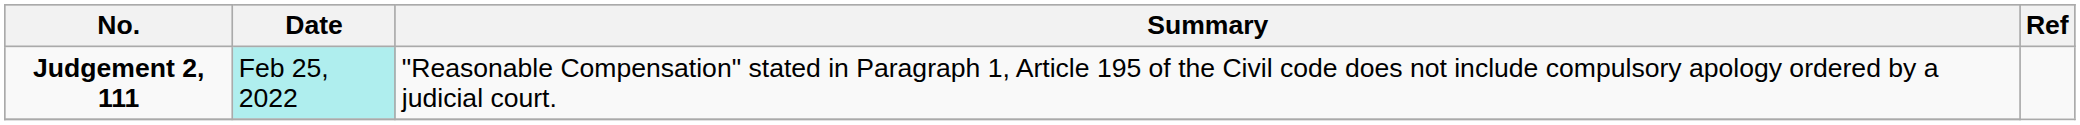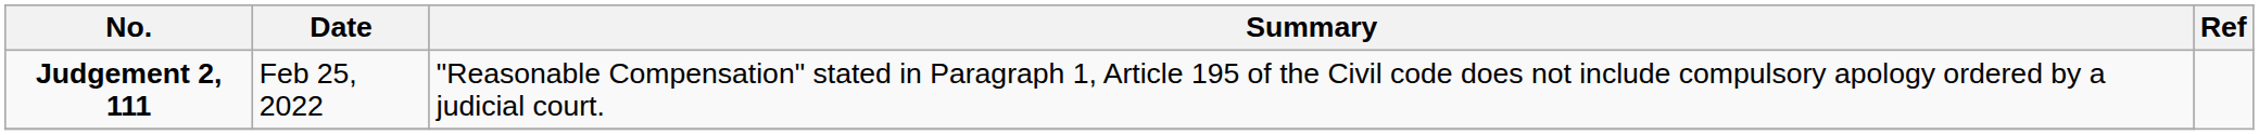 <table class=wikitable>
 <tr>
 <th>No.</th>
 <th>Date</th>
 <th>Summary</th>
 <th>Ref</th>
 </tr>
 <tr>
 <td align=center><strong>Judgement 2, 111</strong></td>
-<td style="background: paleturquoise;">Feb 25, 2022</td>
+<td>Feb 25, 2022</td>
 <td>"Reasonable Compensation" stated in Paragraph 1, Article 195 of the Civil code does not include compulsory apology ordered by a judicial court.</td>
 </tr>
 <tr>
 </tr>
 </table>
